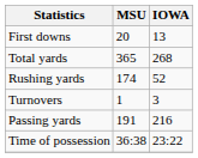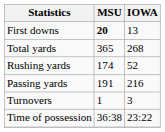 <table class="wikitable">
 <tr>
 <th>Statistics</th>
 <th>MSU</th>
 <th>IOWA</th>
 </tr>
 <tr>
 <td>First downs</td>
-<td>20</td>
+<td><strong>20</strong></td>
 <td>13</td>
 </tr>
 <tr>
 <td>Total yards</td>
 <td>365</td>
 <td>268</td>
 </tr>
 <tr>
 <td>Rushing yards</td>
 <td>174</td>
 <td>52</td>
 </tr>
 <tr>
+<td>Passing yards</td>
+<td>191</td>
+<td>216</td>
+</tr>
+<tr>
 <td>Turnovers</td>
 <td>1</td>
 <td>3</td>
-</tr>
-<tr>
-<td>Passing yards</td>
-<td>191</td>
-<td>216</td>
 </tr>
 <tr>
 <td>Time of possession</td>
 <td>36:38</td>
 <td>23:22</td>
 </tr>
 <tr>
 </tr>
 </table>
